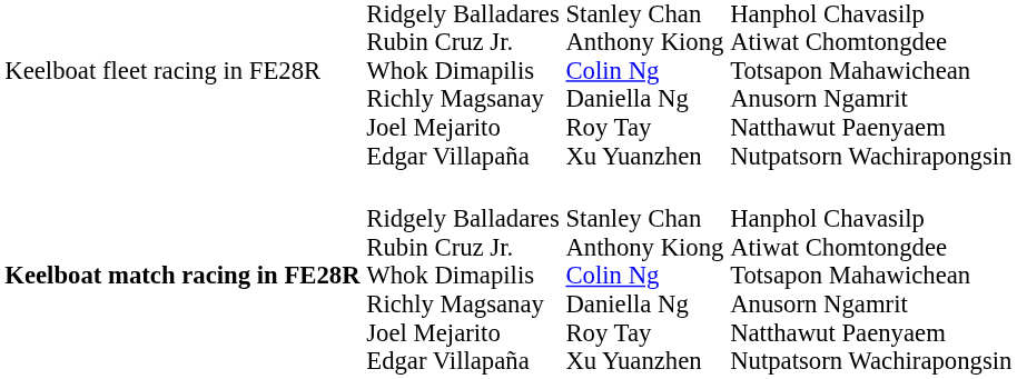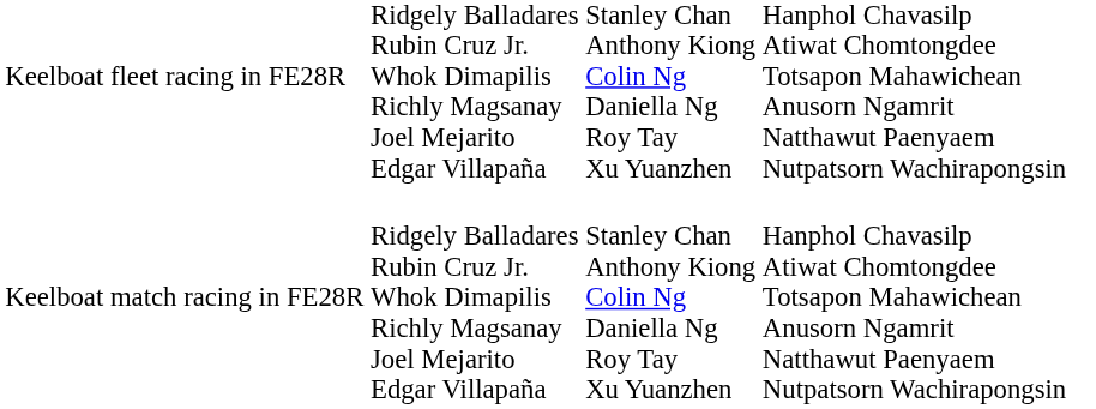 <table>
 <tr>
 <td>Keelboat fleet racing in FE28R</td>
 <td nowrap=true><br>Ridgely Balladares<br>Rubin Cruz Jr.<br>Whok Dimapilis <br>Richly Magsanay <br>Joel Mejarito <br>Edgar Villapaña</td>
 <td nowrap=true><br>Stanley Chan<br>Anthony Kiong<br><a href='#'>Colin Ng</a><br>Daniella Ng<br>Roy Tay<br>Xu Yuanzhen</td>
 <td nowrap=true><br>Hanphol Chavasilp<br>Atiwat Chomtongdee<br>Totsapon Mahawichean<br>Anusorn Ngamrit<br>Natthawut Paenyaem<br>Nutpatsorn Wachirapongsin</td>
 </tr>
 <tr>
-<td><strong>Keelboat match racing in FE28R</strong></td>
+<td>Keelboat match racing in FE28R</td>
 <td><br>Ridgely Balladares<br>Rubin Cruz Jr.<br>Whok Dimapilis <br>Richly Magsanay <br>Joel Mejarito <br>Edgar Villapaña</td>
 <td><br>Stanley Chan<br>Anthony Kiong<br><a href='#'>Colin Ng</a><br>Daniella Ng<br>Roy Tay<br>Xu Yuanzhen</td>
 <td><br>Hanphol Chavasilp<br>Atiwat Chomtongdee<br>Totsapon Mahawichean<br>Anusorn Ngamrit<br>Natthawut Paenyaem<br>Nutpatsorn Wachirapongsin</td>
 </tr>
 </table>
